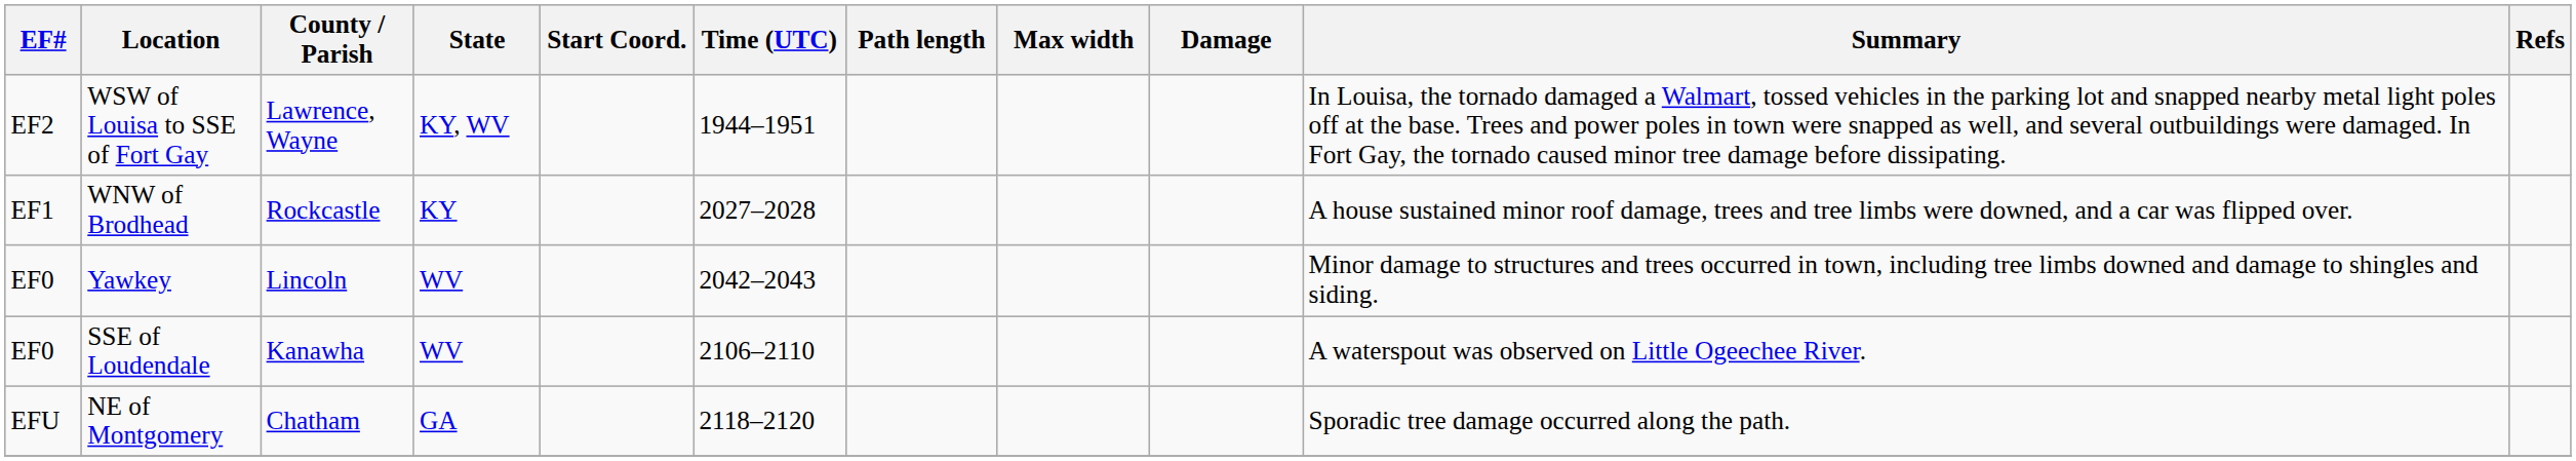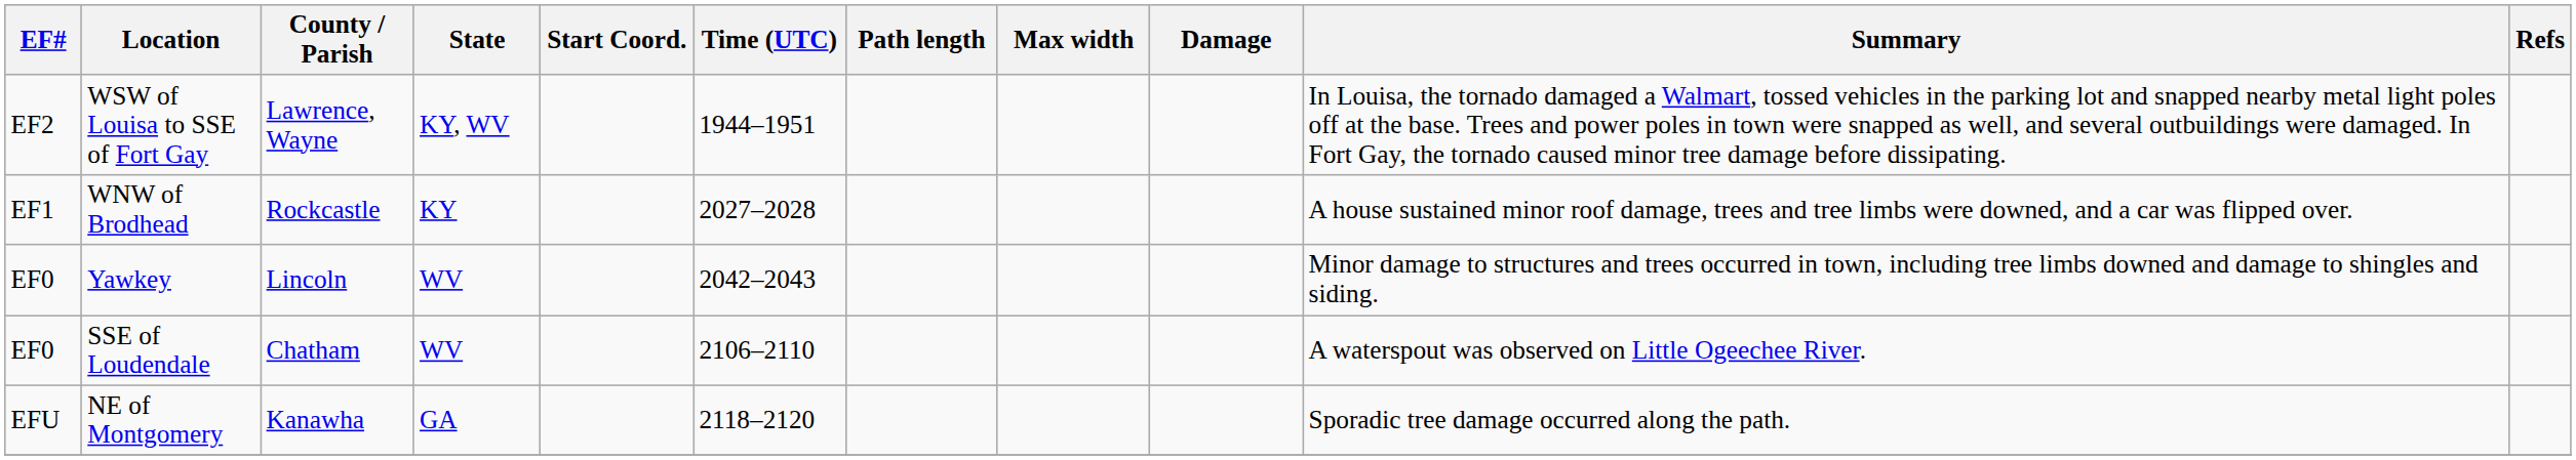 <table class="wikitable sortable" style="width:100%;">
 <tr>
 <th scope="col" width="3%" align="center"><a href='#'>EF#</a></th>
 <th scope="col" width="7%" align="center" class="unsortable">Location</th>
 <th scope="col" width="6%" align="center" class="unsortable">County / Parish</th>
 <th scope="col" width="5%" align="center">State</th>
 <th scope="col" width="6%" align="center">Start Coord.</th>
 <th scope="col" width="6%" align="center">Time (<a href='#'>UTC</a>)</th>
 <th scope="col" width="6%" align="center">Path length</th>
 <th scope="col" width="6%" align="center">Max width</th>
 <th scope="col" width="6%" align="center">Damage</th>
 <th scope="col" width="48%" class="unsortable" align="center">Summary</th>
 <th scope="col" width="48%" class="unsortable" align="center">Refs</th>
 </tr>
 <tr>
 <td>EF2</td>
 <td>WSW of <a href='#'>Louisa</a> to SSE of <a href='#'>Fort Gay</a></td>
 <td><a href='#'>Lawrence</a>, <a href='#'>Wayne</a></td>
 <td><a href='#'>KY</a>, <a href='#'>WV</a></td>
 <td></td>
 <td>1944–1951</td>
 <td></td>
 <td></td>
 <td></td>
 <td>In Louisa, the tornado damaged a <a href='#'>Walmart</a>, tossed vehicles in the parking lot and snapped nearby metal light poles off at the base. Trees and power poles in town were snapped as well, and several outbuildings were damaged. In Fort Gay, the tornado caused minor tree damage before dissipating.</td>
 <td></td>
 </tr>
 <tr>
 <td>EF1</td>
 <td>WNW of <a href='#'>Brodhead</a></td>
 <td><a href='#'>Rockcastle</a></td>
 <td><a href='#'>KY</a></td>
 <td></td>
 <td>2027–2028</td>
 <td></td>
 <td></td>
 <td></td>
 <td>A house sustained minor roof damage, trees and tree limbs were downed, and a car was flipped over.</td>
 <td></td>
 </tr>
 <tr>
 <td>EF0</td>
 <td><a href='#'>Yawkey</a></td>
 <td><a href='#'>Lincoln</a></td>
 <td><a href='#'>WV</a></td>
 <td></td>
 <td>2042–2043</td>
 <td></td>
 <td></td>
 <td></td>
 <td>Minor damage to structures and trees occurred in town, including tree limbs downed and damage to shingles and siding.</td>
 <td></td>
 </tr>
 <tr>
 <td>EF0</td>
 <td>SSE of <a href='#'>Loudendale</a></td>
-<td><a href='#'>Kanawha</a></td>
+<td><a href='#'>Chatham</a></td>
 <td><a href='#'>WV</a></td>
 <td></td>
 <td>2106–2110</td>
 <td></td>
 <td></td>
 <td></td>
 <td>A waterspout was observed on <a href='#'>Little Ogeechee River</a>.</td>
 <td></td>
 </tr>
 <tr>
 <td>EFU</td>
 <td>NE of <a href='#'>Montgomery</a></td>
-<td><a href='#'>Chatham</a></td>
+<td><a href='#'>Kanawha</a></td>
 <td><a href='#'>GA</a></td>
 <td></td>
 <td>2118–2120</td>
 <td></td>
 <td></td>
 <td></td>
 <td>Sporadic tree damage occurred along the path.</td>
 <td></td>
 </tr>
 <tr>
 </tr>
 </table>
